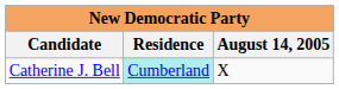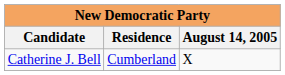 <table class="wikitable">
 <tr>
 <td align="center" bgcolor="sandybrown" colspan=3><strong>New Democratic Party</strong></td>
 </tr>
 <tr>
 <th align="left">Candidate</th>
 <th align="center">Residence</th>
 <th align="left">August 14, 2005</th>
 </tr>
 <tr>
 <td><a href='#'>Catherine J. Bell</a></td>
-<td style="background: paleturquoise;"><a href='#'>Cumberland</a></td>
+<td><a href='#'>Cumberland</a></td>
 <td>X</td>
 </tr>
 </table>
